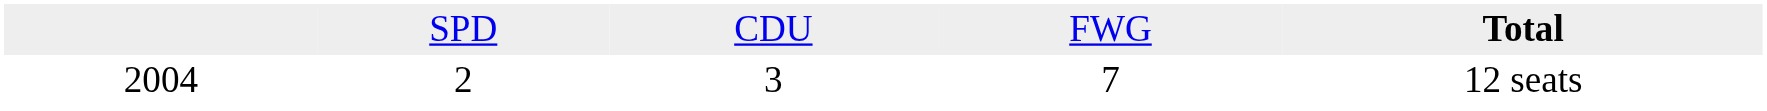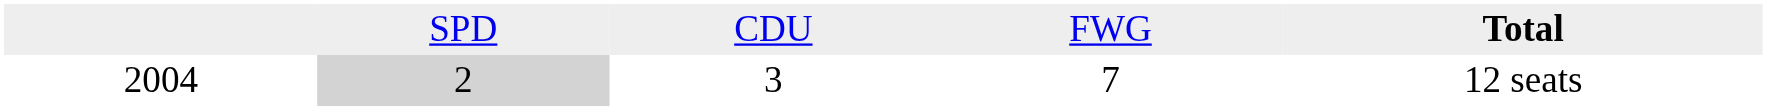 <table border="0" cellpadding="2" cellspacing="0" width="60%">
 <tr bgcolor="#eeeeee" align="center">
 <td></td>
 <td><a href='#'>SPD</a></td>
 <td><a href='#'>CDU</a></td>
 <td><a href='#'>FWG</a></td>
 <td><strong>Total</strong></td>
 </tr>
 <tr align="center">
 <td>2004</td>
-<td>2</td>
+<td style="background: lightgrey;">2</td>
 <td>3</td>
 <td>7</td>
 <td>12 seats</td>
 </tr>
 </table>
